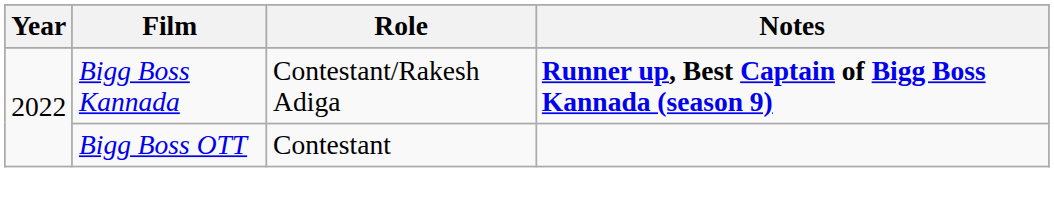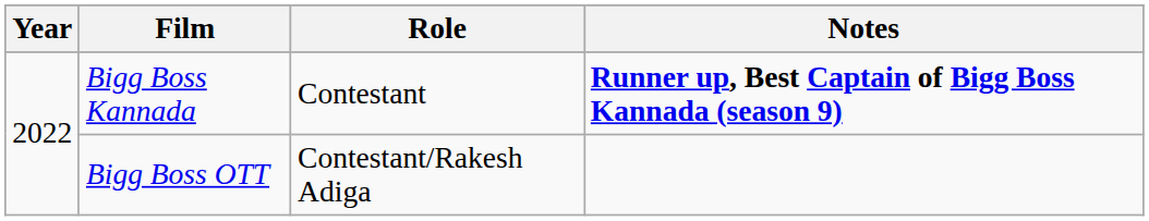 <table class="wikitable">
 <tr style="background:#ccc; text-align:center;">
 <th>Year</th>
 <th>Film</th>
 <th>Role</th>
 <th>Notes</th>
 </tr>
 <tr>
 <td rowspan="2">2022</td>
 <td><em><a href='#'>Bigg Boss Kannada</a></em></td>
-<td>Contestant/Rakesh Adiga</td>
+<td>Contestant</td>
 <td><strong><a href='#'>Runner up</a>, Best <a href='#'>Captain</a> of <a href='#'>Bigg Boss Kannada (season 9)</a></strong></td>
 </tr>
 <tr>
 <td><em><a href='#'>Bigg Boss OTT</a></em></td>
-<td>Contestant</td>
+<td>Contestant/Rakesh Adiga</td>
 <td></td>
 </tr>
 </table>
